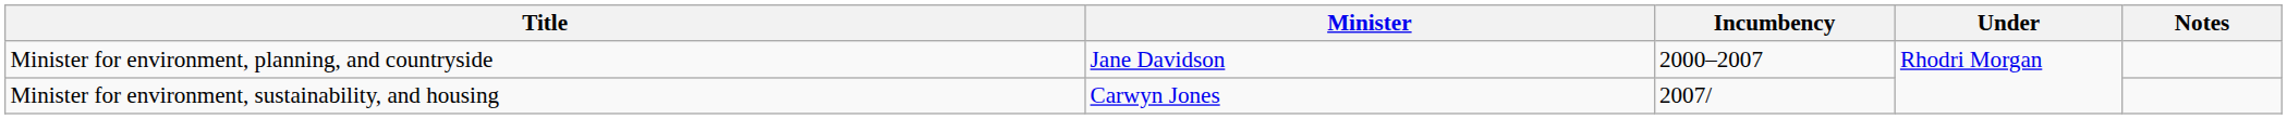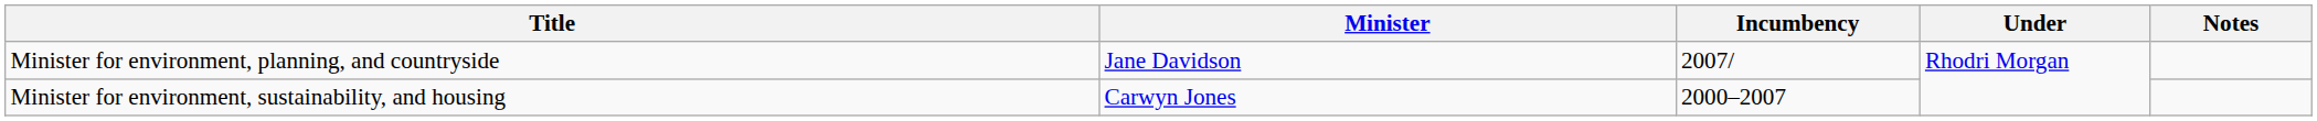 <table class="wikitable" style="width:100%;">
 <tr>
 <th>Title</th>
 <th style="width:25%;"><a href='#'>Minister</a></th>
 <th style="width:160px;">Incumbency</th>
 <th style="width:10%;">Under</th>
 <th style="width:7%;">Notes</th>
 </tr>
 <tr>
 <td>Minister for environment, planning, and countryside</td>
 <td><a href='#'>Jane Davidson</a></td>
-<td>2000–2007</td>
+<td>2007/</td>
 <td rowspan="2" style="vertical-align:top;"><a href='#'>Rhodri Morgan</a></td>
 <td></td>
 </tr>
 <tr>
 <td>Minister for environment, sustainability, and housing</td>
 <td><a href='#'>Carwyn Jones</a></td>
-<td>2007/</td>
+<td>2000–2007</td>
 <td></td>
 </tr>
 </table>
